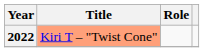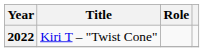 <table class="wikitable plainrowheaders">
 <tr>
 <th scope="col">Year</th>
 <th scope="col">Title</th>
 <th scope="col">Role</th>
 <th scope="col" class="unsortable"></th>
 </tr>
 <tr>
 <th scope="row">2022</th>
-<td style="background: lightsalmon;"><a href='#'>Kiri T</a> – "Twist Cone"</td>
+<td><a href='#'>Kiri T</a> – "Twist Cone"</td>
 <td></td>
 <td></td>
 </tr>
 <tr>
 </tr>
 </table>
